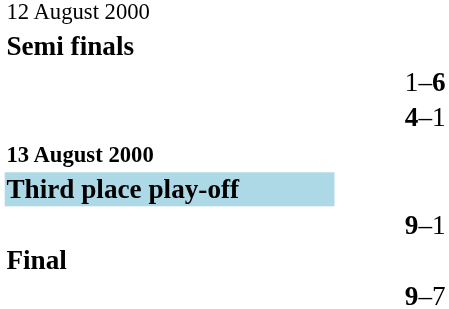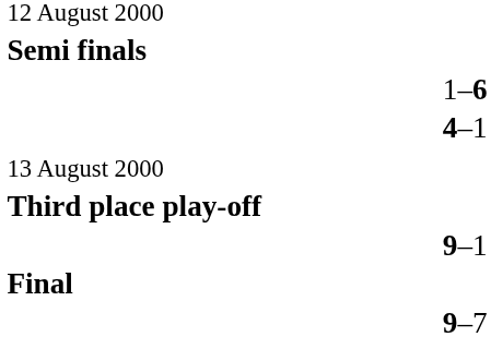 <table width=100% cellspacing=1>
 <tr>
 <th width=22%></th>
 <th width=12%></th>
 <th></th>
 </tr>
 <tr>
 <td><small>12 August 2000</small></td>
 </tr>
 <tr>
 <td><strong>Semi finals</strong></td>
 </tr>
 <tr>
 <td align=right></td>
 <td align=center>1–<strong>6</strong></td>
 <td><strong></strong></td>
 </tr>
 <tr>
 <td align=right><strong></strong></td>
 <td align=center><strong>4</strong>–1</td>
 <td></td>
 </tr>
 <tr>
-<td><strong><small>13 August 2000</small></strong></td>
+<td><small>13 August 2000</small></td>
 </tr>
 <tr>
-<td style="background: lightblue;"><strong>Third place play-off</strong></td>
+<td><strong>Third place play-off</strong></td>
 </tr>
 <tr>
 <td align=right><strong></strong></td>
 <td align=center><strong>9</strong>–1</td>
 <td></td>
 </tr>
 <tr>
 <td><strong>Final</strong></td>
 </tr>
 <tr>
 <td align=right><strong></strong></td>
 <td align=center><strong>9</strong>–7</td>
 <td></td>
 </tr>
 </table>
